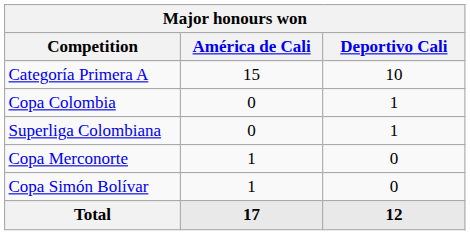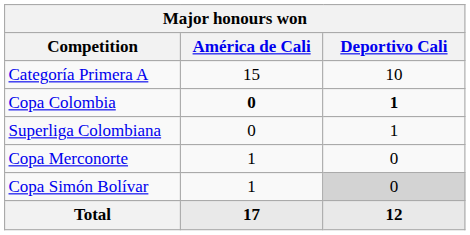 <table class="wikitable" style="text-align:center;font-size:95%">
 <tr>
 <th colspan=3>Major honours won</th>
 </tr>
 <tr>
 <th width="150">Competition</th>
 <th width="120"><a href='#'>América de Cali</a></th>
 <th width="120"><a href='#'>Deportivo Cali</a></th>
 </tr>
 <tr>
 <td align=left><a href='#'>Categoría Primera A</a></td>
 <td>15</td>
 <td>10</td>
 </tr>
 <tr>
 <td align=left><a href='#'>Copa Colombia</a></td>
-<td>0</td>
-<td>1</td>
+<td><strong>0</strong></td>
+<td><strong>1</strong></td>
 </tr>
 <tr>
 <td align=left><a href='#'>Superliga Colombiana</a></td>
 <td>0</td>
 <td>1</td>
 </tr>
 <tr>
 <td align=left><a href='#'>Copa Merconorte</a></td>
 <td>1</td>
 <td>0</td>
 </tr>
 <tr>
 <td align=left><a href='#'>Copa Simón Bolívar</a></td>
 <td>1</td>
-<td>0</td>
+<td style="background: lightgrey;">0</td>
 </tr>
 <tr bgcolor=E9E9E9>
 <th>Total</th>
 <td><strong>17</strong></td>
 <td><strong>12</strong></td>
 </tr>
 </table>
